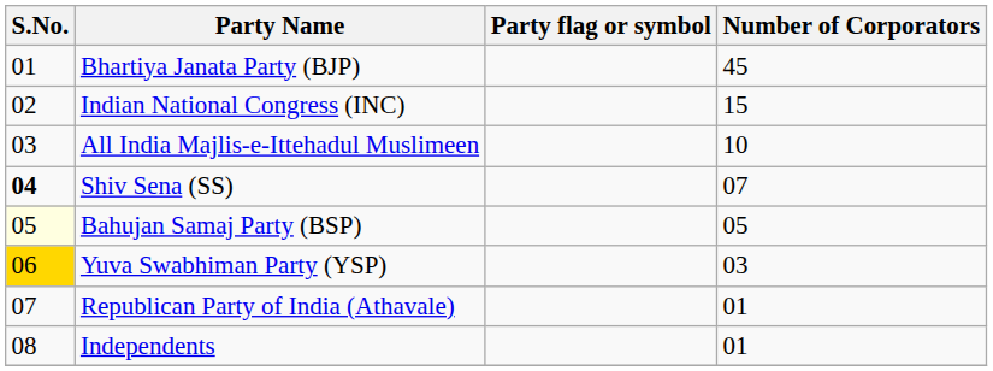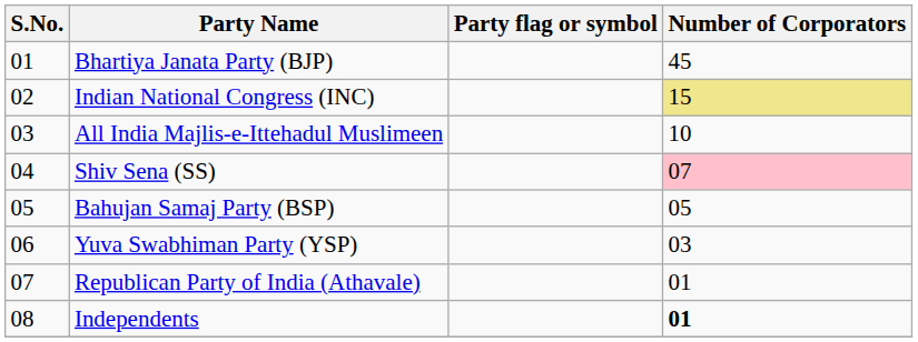 <table class="sortable wikitable">
 <tr>
 <th>S.No.</th>
 <th>Party Name</th>
 <th>Party flag or symbol</th>
 <th>Number of Corporators</th>
 </tr>
 <tr>
 <td>01</td>
 <td><a href='#'>Bhartiya Janata Party</a> (BJP)</td>
 <td></td>
 <td>45</td>
 </tr>
 <tr>
 <td>02</td>
 <td><a href='#'>Indian National Congress</a> (INC)</td>
 <td></td>
-<td>15</td>
+<td style="background: khaki;">15</td>
 </tr>
 <tr>
 <td>03</td>
 <td><a href='#'>All India Majlis-e-Ittehadul Muslimeen</a></td>
 <td></td>
 <td>10</td>
 </tr>
 <tr>
-<td><strong>04</strong></td>
+<td>04</td>
 <td><a href='#'>Shiv Sena</a> (SS)</td>
 <td></td>
-<td>07</td>
+<td style="background: pink;">07</td>
 </tr>
 <tr>
-<td style="background: lightyellow;">05</td>
+<td>05</td>
 <td><a href='#'>Bahujan Samaj Party</a> (BSP)</td>
 <td></td>
 <td>05</td>
 </tr>
 <tr>
-<td style="background: gold;">06</td>
+<td>06</td>
 <td><a href='#'>Yuva Swabhiman Party</a> (YSP)</td>
 <td></td>
 <td>03</td>
 </tr>
 <tr>
 <td>07</td>
 <td><a href='#'>Republican Party of India (Athavale)</a></td>
 <td></td>
 <td>01</td>
 </tr>
 <tr>
 <td>08</td>
 <td><a href='#'>Independents</a></td>
 <td></td>
-<td>01</td>
+<td><strong>01</strong></td>
 </tr>
 <tr>
 </tr>
 </table>
